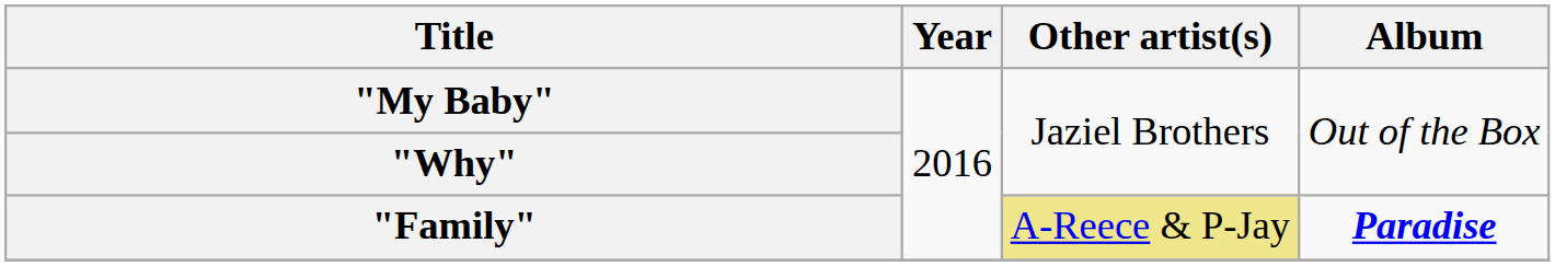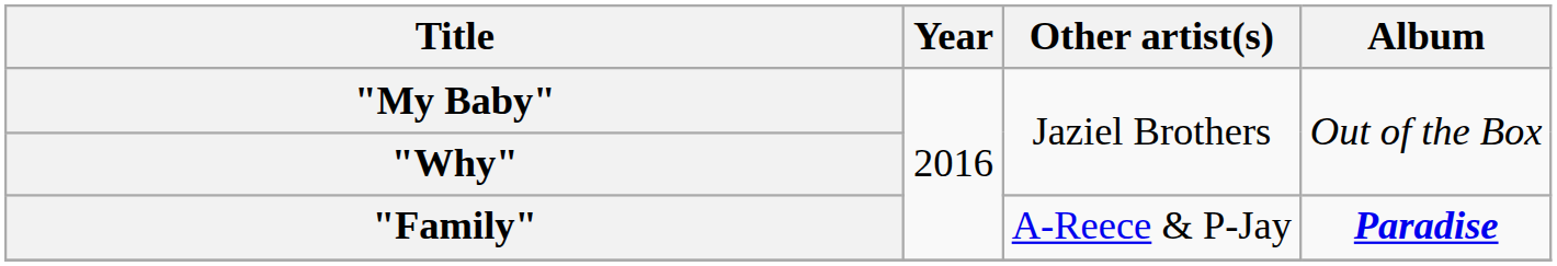 <table class="wikitable plainrowheaders" style="text-align:center;">
 <tr>
 <th scope="col" style="width:22em;">Title</th>
 <th scope="col">Year</th>
 <th scope="col">Other artist(s)</th>
 <th scope="col">Album</th>
 </tr>
 <tr>
 <th scope="row">"My Baby"</th>
 <td rowspan="3">2016</td>
 <td rowspan="2">Jaziel Brothers</td>
 <td rowspan="2"><em>Out of the Box</em></td>
 </tr>
 <tr>
 <th scope="row">"Why"</th>
 </tr>
 <tr>
 <th scope="row">"Family"</th>
-<td style="background: khaki;"><a href='#'>A-Reece</a> & P-Jay</td>
+<td><a href='#'>A-Reece</a> & P-Jay</td>
 <td><strong><a href='#'><em>Paradise</em></a></strong></td>
 </tr>
 <tr>
 </tr>
 </table>
